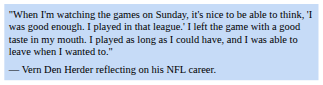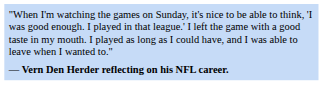 <table class="toccolours" style="float: right; margin-left: 1em; margin-right: 2em; font-size: 85%; background:#c6dbf7; color:black; width:30em; max-width: 40%;" cellspacing="5">
 <tr>
 <td style="text-align: left;">"When I'm watching the games on Sunday, it's nice to be able to think, 'I was good enough. I played in that league.' I left the game with a good taste in my mouth. I played as long as I could have, and I was able to leave when I wanted to."</td>
 </tr>
 <tr>
-<td style="text-align: left;">— Vern Den Herder reflecting on his NFL career.</td>
+<td style="text-align: left;"><strong>— Vern Den Herder reflecting on his NFL career.</strong></td>
 </tr>
 </table>
